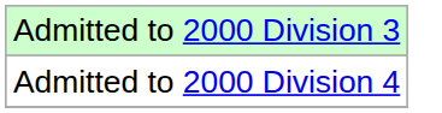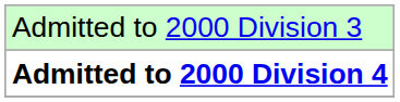 <table class="wikitable">
 <tr width=10px bgcolor="#ccffcc">
 <td>Admitted to <a href='#'>2000 Division 3</a></td>
 </tr>
 <tr width=10px bgcolor="#ffffff">
-<td>Admitted to <a href='#'>2000 Division 4</a></td>
+<td><strong>Admitted to <a href='#'>2000 Division 4</a></strong></td>
 </tr>
 <tr>
 </tr>
 </table>
